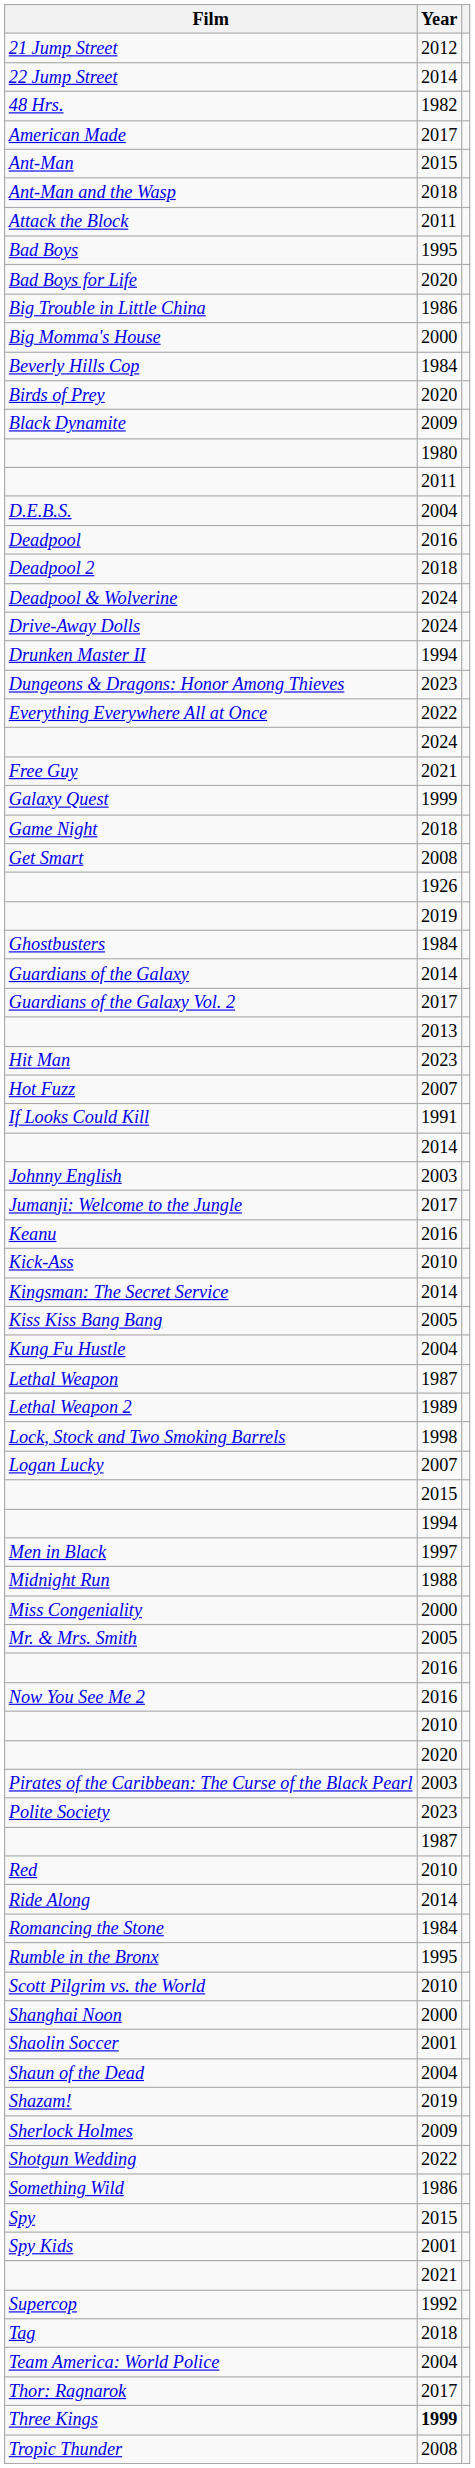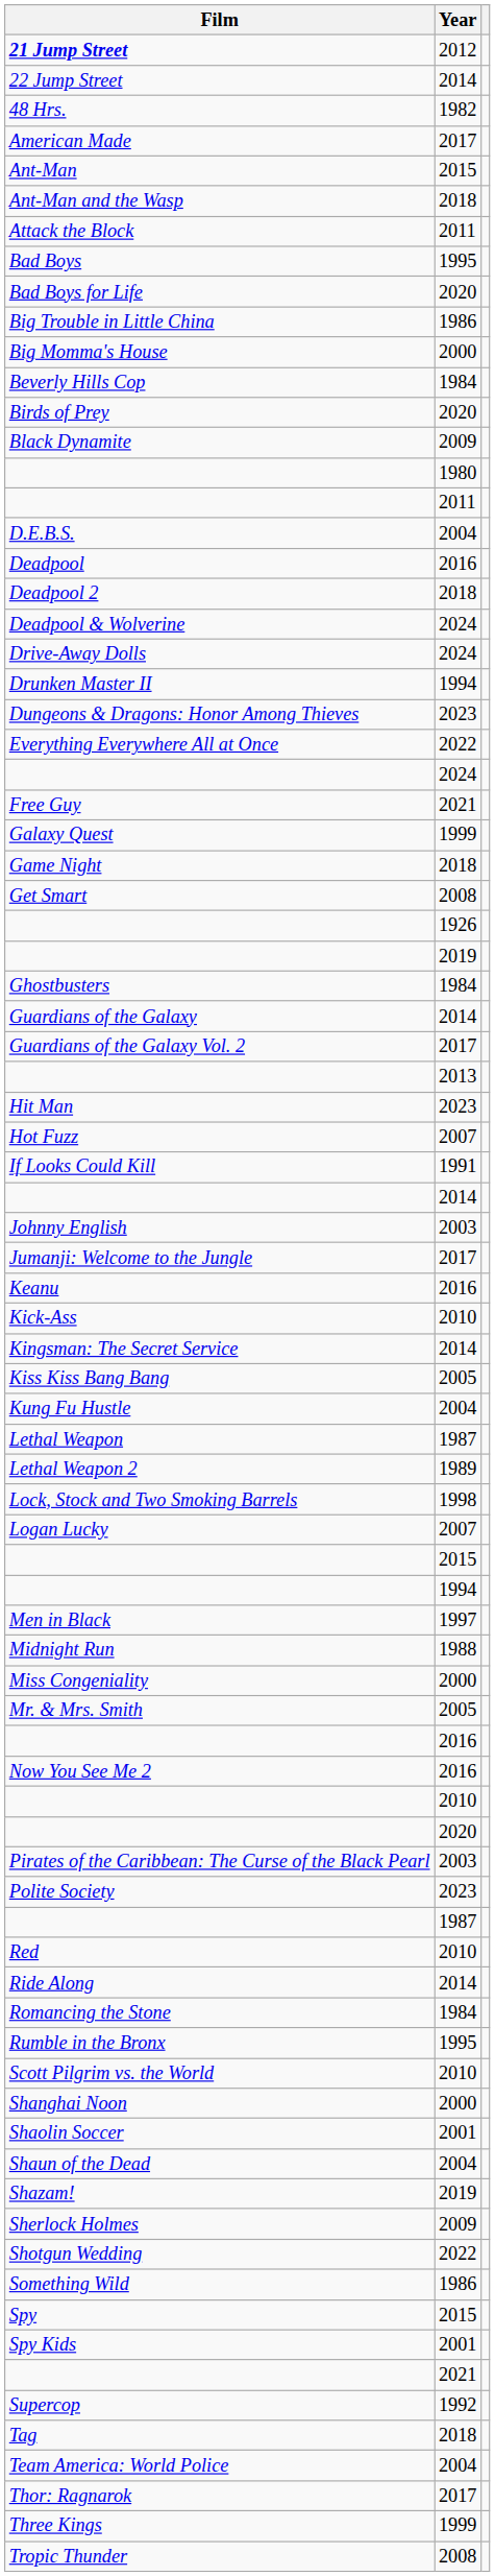 <table class="wikitable sortable" border="1" >
 <tr>
 <th scope="col">Film</th>
 <th scope="col">Year</th>
 <th scope="col" class="unsortable" style=white-space:nowrap></th>
 </tr>
 <tr>
-<td><em><a href='#'>21 Jump Street</a></em></td>
+<td><strong><em><a href='#'>21 Jump Street</a></em></strong></td>
 <td>2012</td>
 <td></td>
 </tr>
 <tr>
 <td><em><a href='#'>22 Jump Street</a></em></td>
 <td>2014</td>
 <td></td>
 </tr>
 <tr>
 <td><em><a href='#'>48 Hrs.</a></em></td>
 <td>1982</td>
 <td></td>
 </tr>
 <tr>
 <td><em><a href='#'>American Made</a></em></td>
 <td>2017</td>
 <td></td>
 </tr>
 <tr>
 <td><em><a href='#'>Ant-Man</a></em></td>
 <td>2015</td>
 <td></td>
 </tr>
 <tr>
 <td><em><a href='#'>Ant-Man and the Wasp</a></em></td>
 <td>2018</td>
 <td></td>
 </tr>
 <tr>
 <td><em><a href='#'>Attack the Block</a></em></td>
 <td>2011</td>
 <td></td>
 </tr>
 <tr>
 <td><em><a href='#'>Bad Boys</a></em></td>
 <td>1995</td>
 <td></td>
 </tr>
 <tr>
 <td><em><a href='#'>Bad Boys for Life</a></em></td>
 <td>2020</td>
 <td></td>
 </tr>
 <tr>
 <td><em><a href='#'>Big Trouble in Little China</a></em></td>
 <td>1986</td>
 <td></td>
 </tr>
 <tr>
 <td><em><a href='#'>Big Momma's House</a></em></td>
 <td>2000</td>
 <td></td>
 </tr>
 <tr>
 <td><em><a href='#'>Beverly Hills Cop</a></em></td>
 <td>1984</td>
 <td></td>
 </tr>
 <tr>
 <td><em><a href='#'>Birds of Prey</a></em></td>
 <td>2020</td>
 <td></td>
 </tr>
 <tr>
 <td><em><a href='#'>Black Dynamite</a></em></td>
 <td>2009</td>
 <td></td>
 </tr>
 <tr>
 <td><em></em></td>
 <td>1980</td>
 <td></td>
 </tr>
 <tr>
 <td><em> </em></td>
 <td>2011</td>
 <td></td>
 </tr>
 <tr>
 <td><em><a href='#'>D.E.B.S.</a></em></td>
 <td>2004</td>
 <td></td>
 </tr>
 <tr>
 <td><em><a href='#'>Deadpool</a></em></td>
 <td>2016</td>
 <td></td>
 </tr>
 <tr>
 <td><em><a href='#'>Deadpool 2</a></em></td>
 <td>2018</td>
 <td></td>
 </tr>
 <tr>
 <td><em><a href='#'>Deadpool & Wolverine</a></em></td>
 <td>2024</td>
 <td></td>
 </tr>
 <tr>
 <td><em><a href='#'>Drive-Away Dolls</a></em></td>
 <td>2024</td>
 <td></td>
 </tr>
 <tr>
 <td><em><a href='#'>Drunken Master II</a></em></td>
 <td>1994</td>
 <td></td>
 </tr>
 <tr>
 <td><em><a href='#'>Dungeons & Dragons: Honor Among Thieves</a></em></td>
 <td>2023</td>
 <td></td>
 </tr>
 <tr>
 <td><em><a href='#'>Everything Everywhere All at Once</a></em></td>
 <td>2022</td>
 <td></td>
 </tr>
 <tr>
 <td><em></em></td>
 <td>2024</td>
 <td></td>
 </tr>
 <tr>
 <td><em><a href='#'>Free Guy</a></em></td>
 <td>2021</td>
 <td></td>
 </tr>
 <tr>
 <td><em><a href='#'>Galaxy Quest</a></em></td>
 <td>1999</td>
 <td></td>
 </tr>
 <tr>
 <td><em><a href='#'>Game Night</a></em></td>
 <td>2018</td>
 <td></td>
 </tr>
 <tr>
 <td><em><a href='#'>Get Smart</a></em></td>
 <td>2008</td>
 <td></td>
 </tr>
 <tr>
 <td><em></em></td>
 <td>1926</td>
 <td></td>
 </tr>
 <tr>
 <td><em></em></td>
 <td>2019</td>
 <td></td>
 </tr>
 <tr>
 <td><em><a href='#'>Ghostbusters</a></em></td>
 <td>1984</td>
 <td></td>
 </tr>
 <tr>
 <td><em><a href='#'>Guardians of the Galaxy</a></em></td>
 <td>2014</td>
 <td></td>
 </tr>
 <tr>
 <td><em><a href='#'>Guardians of the Galaxy Vol. 2</a></em></td>
 <td>2017</td>
 <td></td>
 </tr>
 <tr>
 <td><em></em></td>
 <td>2013</td>
 <td></td>
 </tr>
 <tr>
 <td><em><a href='#'>Hit Man</a></em></td>
 <td>2023</td>
 <td></td>
 </tr>
 <tr>
 <td><em><a href='#'>Hot Fuzz</a></em></td>
 <td>2007</td>
 <td></td>
 </tr>
 <tr>
 <td><em><a href='#'>If Looks Could Kill</a></em></td>
 <td>1991</td>
 <td></td>
 </tr>
 <tr>
 <td><em></em></td>
 <td>2014</td>
 <td></td>
 </tr>
 <tr>
 <td><em><a href='#'>Johnny English</a></em></td>
 <td>2003</td>
 <td></td>
 </tr>
 <tr>
 <td><em><a href='#'>Jumanji: Welcome to the Jungle</a></em></td>
 <td>2017</td>
 <td></td>
 </tr>
 <tr>
 <td><em><a href='#'>Keanu</a></em></td>
 <td>2016</td>
 <td></td>
 </tr>
 <tr>
 <td><em><a href='#'>Kick-Ass</a></em></td>
 <td>2010</td>
 <td></td>
 </tr>
 <tr>
 <td><em><a href='#'>Kingsman: The Secret Service</a></em></td>
 <td>2014</td>
 <td></td>
 </tr>
 <tr>
 <td><em><a href='#'>Kiss Kiss Bang Bang</a></em></td>
 <td>2005</td>
 <td></td>
 </tr>
 <tr>
 <td><em><a href='#'>Kung Fu Hustle</a></em></td>
 <td>2004</td>
 <td></td>
 </tr>
 <tr>
 <td><em><a href='#'>Lethal Weapon</a></em></td>
 <td>1987</td>
 <td></td>
 </tr>
 <tr>
 <td><em><a href='#'>Lethal Weapon 2</a></em></td>
 <td>1989</td>
 <td></td>
 </tr>
 <tr>
 <td><em><a href='#'>Lock, Stock and Two Smoking Barrels</a></em></td>
 <td>1998</td>
 <td></td>
 </tr>
 <tr>
 <td><em><a href='#'>Logan Lucky</a></em></td>
 <td>2007</td>
 <td></td>
 </tr>
 <tr>
 <td><em></em></td>
 <td>2015</td>
 <td></td>
 </tr>
 <tr>
 <td><em></em></td>
 <td>1994</td>
 <td></td>
 </tr>
 <tr>
 <td><em><a href='#'>Men in Black</a></em></td>
 <td>1997</td>
 <td></td>
 </tr>
 <tr>
 <td><em><a href='#'>Midnight Run</a></em></td>
 <td>1988</td>
 <td></td>
 </tr>
 <tr>
 <td><em><a href='#'>Miss Congeniality</a></em></td>
 <td>2000</td>
 <td></td>
 </tr>
 <tr>
 <td><em><a href='#'>Mr. & Mrs. Smith</a></em></td>
 <td>2005</td>
 <td></td>
 </tr>
 <tr>
 <td><em></em></td>
 <td>2016</td>
 <td></td>
 </tr>
 <tr>
 <td><em><a href='#'>Now You See Me 2</a></em></td>
 <td>2016</td>
 <td></td>
 </tr>
 <tr>
 <td><em></em></td>
 <td>2010</td>
 <td></td>
 </tr>
 <tr>
 <td><em></em></td>
 <td>2020</td>
 <td></td>
 </tr>
 <tr>
 <td><em><a href='#'>Pirates of the Caribbean: The Curse of the Black Pearl</a></em></td>
 <td>2003</td>
 <td></td>
 </tr>
 <tr>
 <td><em><a href='#'>Polite Society</a></em></td>
 <td>2023</td>
 <td></td>
 </tr>
 <tr>
 <td><em></em></td>
 <td>1987</td>
 <td></td>
 </tr>
 <tr>
 <td><em><a href='#'>Red</a></em></td>
 <td>2010</td>
 <td></td>
 </tr>
 <tr>
 <td><em><a href='#'>Ride Along</a></em></td>
 <td>2014</td>
 <td></td>
 </tr>
 <tr>
 <td><em><a href='#'>Romancing the Stone</a></em></td>
 <td>1984</td>
 <td></td>
 </tr>
 <tr>
 <td><em><a href='#'>Rumble in the Bronx</a></em></td>
 <td>1995</td>
 <td></td>
 </tr>
 <tr>
 <td><em><a href='#'>Scott Pilgrim vs. the World</a></em></td>
 <td>2010</td>
 <td></td>
 </tr>
 <tr>
 <td><em><a href='#'>Shanghai Noon</a></em></td>
 <td>2000</td>
 <td></td>
 </tr>
 <tr>
 <td><em><a href='#'>Shaolin Soccer</a></em></td>
 <td>2001</td>
 <td></td>
 </tr>
 <tr>
 <td><em><a href='#'>Shaun of the Dead</a></em></td>
 <td>2004</td>
 <td></td>
 </tr>
 <tr>
 <td><em><a href='#'>Shazam!</a></em></td>
 <td>2019</td>
 <td></td>
 </tr>
 <tr>
 <td><em><a href='#'>Sherlock Holmes</a></em></td>
 <td>2009</td>
 <td></td>
 </tr>
 <tr>
 <td><em><a href='#'>Shotgun Wedding</a></em></td>
 <td>2022</td>
 <td></td>
 </tr>
 <tr>
 <td><em><a href='#'>Something Wild</a></em></td>
 <td>1986</td>
 <td></td>
 </tr>
 <tr>
 <td><em><a href='#'>Spy</a></em></td>
 <td>2015</td>
 <td></td>
 </tr>
 <tr>
 <td><em><a href='#'>Spy Kids</a></em></td>
 <td>2001</td>
 <td></td>
 </tr>
 <tr>
 <td><em></em></td>
 <td>2021</td>
 <td></td>
 </tr>
 <tr>
 <td><em><a href='#'>Supercop</a></em></td>
 <td>1992</td>
 <td></td>
 </tr>
 <tr>
 <td><em><a href='#'>Tag</a></em></td>
 <td>2018</td>
 <td></td>
 </tr>
 <tr>
 <td><em><a href='#'>Team America: World Police</a></em></td>
 <td>2004</td>
 <td></td>
 </tr>
 <tr>
 <td><em><a href='#'>Thor: Ragnarok</a></em></td>
 <td>2017</td>
 <td></td>
 </tr>
 <tr>
 <td><em><a href='#'>Three Kings</a></em></td>
-<td><strong>1999</strong></td>
+<td>1999</td>
 <td></td>
 </tr>
 <tr>
 <td><em><a href='#'>Tropic Thunder</a></em></td>
 <td>2008</td>
 <td></td>
 </tr>
 </table>
